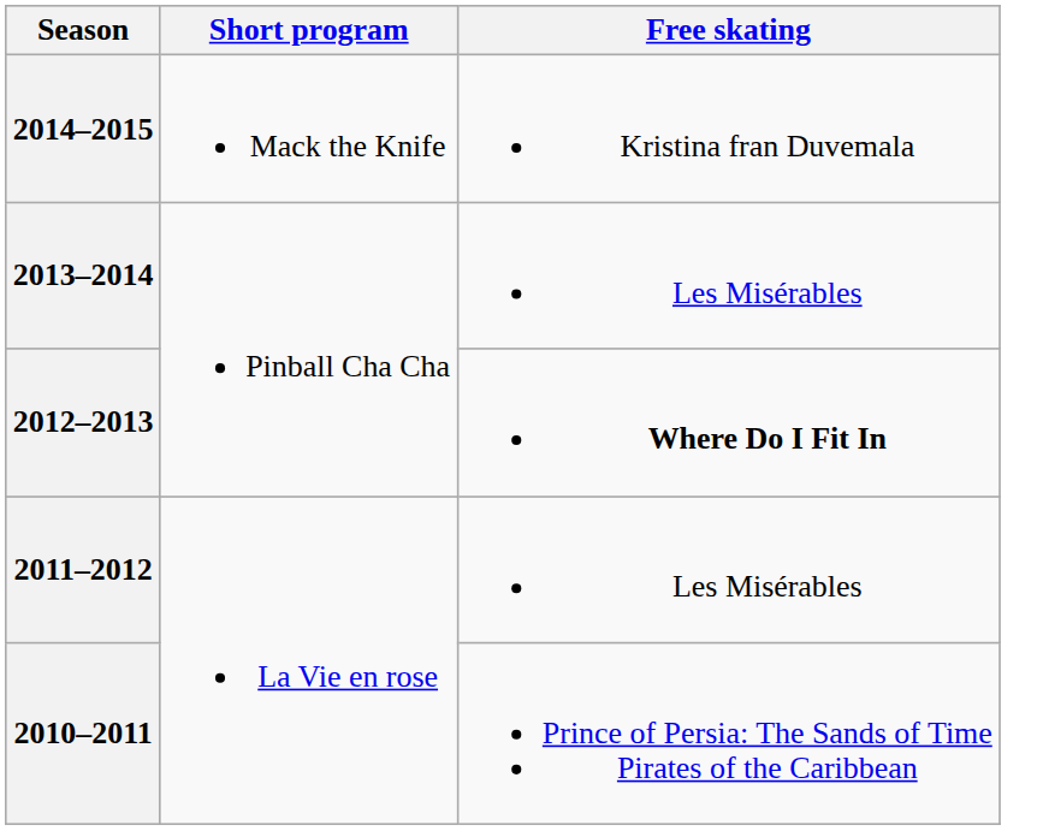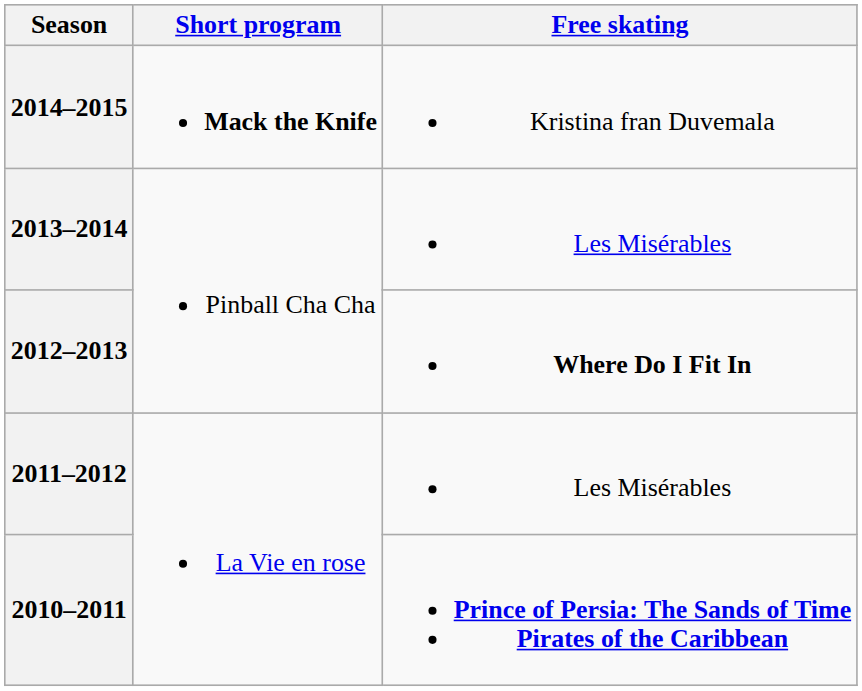 <table class=wikitable style=text-align:center>
 <tr>
 <th>Season</th>
 <th><a href='#'>Short program</a></th>
 <th><a href='#'>Free skating</a></th>
 </tr>
 <tr>
 <th>2014–2015 <br> </th>
-<td><br><ul><li>Mack the Knife <br></li></ul></td>
+<td><strong><br><ul><li>Mack the Knife <br></li></ul></strong></td>
 <td><br><ul><li>Kristina fran Duvemala <br></li></ul></td>
 </tr>
 <tr>
 <th>2013–2014 <br> </th>
 <td rowspan=2><br><ul><li>Pinball Cha Cha <br></li></ul></td>
 <td><br><ul><li><a href='#'>Les Misérables</a> <br></li></ul></td>
 </tr>
 <tr>
 <th>2012–2013 <br> </th>
 <td><strong><br><ul><li>Where Do I Fit In <br></li></ul></strong></td>
 </tr>
 <tr>
 <th>2011–2012 <br> </th>
 <td rowspan=2><br><ul><li><a href='#'>La Vie en rose</a> <br></li></ul></td>
 <td><br><ul><li>Les Misérables <br></li></ul></td>
 </tr>
 <tr>
 <th>2010–2011 <br> </th>
-<td><br><ul><li><a href='#'>Prince of Persia: The Sands of Time</a> <br></li><li><a href='#'>Pirates of the Caribbean</a> <br></li></ul></td>
+<td><strong><br><ul><li><a href='#'>Prince of Persia: The Sands of Time</a> <br></li><li><a href='#'>Pirates of the Caribbean</a> <br></li></ul></strong></td>
 </tr>
 </table>
